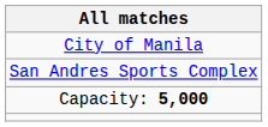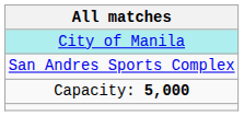 <table class="wikitable" style="text-align:center">
 <tr>
 <th>All matches</th>
 </tr>
 <tr>
-<td><a href='#'>City of Manila</a></td>
+<td style="background: paleturquoise;"><a href='#'>City of Manila</a></td>
 </tr>
 <tr>
 <td><a href='#'>San Andres Sports Complex</a></td>
 </tr>
 <tr>
 <td>Capacity: <strong>5,000</strong></td>
 </tr>
 <tr>
 <td></td>
 </tr>
 </table>
